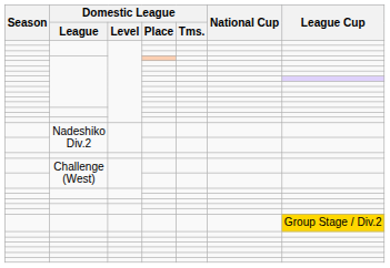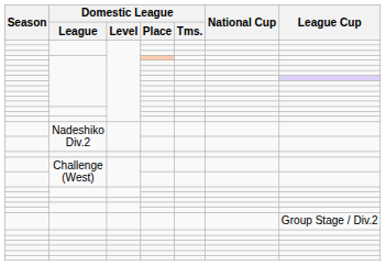 <table class="wikitable">
 <tr style="background:#f0f6fa;">
 <th rowspan="2"><strong>Season</strong></th>
 <th colspan="4"><strong>Domestic League</strong></th>
 <th rowspan="2"><strong>National Cup</strong></th>
 <th rowspan="2"><strong>League Cup</strong></th>
 </tr>
 <tr>
 <th>League</th>
 <th>Level</th>
 <th>Place</th>
 <th>Tms.</th>
 </tr>
 <tr>
 <td></td>
 <td rowspan="3"></td>
 <td rowspan="16"></td>
 <td></td>
 <td></td>
 <td></td>
 <td></td>
 </tr>
 <tr>
 <td></td>
 <td></td>
 <td></td>
 <td></td>
 <td></td>
 </tr>
 <tr>
 <td></td>
 <td></td>
 <td></td>
 <td></td>
 <td></td>
 </tr>
 <tr>
 <td></td>
 <td rowspan="10"></td>
 <td style="background-color:#FBCEB1"></td>
 <td></td>
 <td></td>
 <td></td>
 </tr>
 <tr>
 <td></td>
 <td></td>
 <td></td>
 <td></td>
 <td></td>
 </tr>
 <tr>
 <td></td>
 <td></td>
 <td></td>
 <td></td>
 <td></td>
 </tr>
 <tr>
 <td></td>
 <td></td>
 <td></td>
 <td></td>
 <td></td>
 </tr>
 <tr>
 <td></td>
 <td></td>
 <td></td>
 <td></td>
 <td style="background-color:#DED1FB"></td>
 </tr>
 <tr>
 <td></td>
 <td></td>
 <td></td>
 <td></td>
 <td></td>
 </tr>
 <tr>
 <td></td>
 <td></td>
 <td></td>
 <td></td>
 <td></td>
 </tr>
 <tr>
 <td></td>
 <td></td>
 <td></td>
 <td></td>
 <td></td>
 </tr>
 <tr>
 <td></td>
 <td></td>
 <td></td>
 <td></td>
 <td></td>
 </tr>
 <tr>
 <td></td>
 <td></td>
 <td></td>
 <td></td>
 <td></td>
 </tr>
 <tr>
 <td></td>
 <td rowspan="2"></td>
 <td></td>
 <td></td>
 <td></td>
 <td></td>
 </tr>
 <tr>
 <td></td>
 <td></td>
 <td></td>
 <td></td>
 <td></td>
 </tr>
 <tr>
 <td></td>
 <td></td>
 <td></td>
 <td></td>
 <td></td>
 <td></td>
 </tr>
 <tr>
 <td></td>
 <td rowspan="2" style="text-align:center;">Nadeshiko<br>Div.2</td>
 <td rowspan="2"></td>
 <td></td>
 <td></td>
 <td></td>
 <td></td>
 </tr>
 <tr>
 <td></td>
 <td></td>
 <td></td>
 <td></td>
 <td></td>
 </tr>
 <tr>
 <td></td>
 <td></td>
 <td></td>
 <td></td>
 <td></td>
 <td></td>
 <td></td>
 </tr>
 <tr>
 <td></td>
 <td rowspan="2" style="text-align:center;">Challenge<br>(West)</td>
 <td rowspan="2"></td>
 <td></td>
 <td></td>
 <td></td>
 <td></td>
 </tr>
 <tr>
 <td></td>
 <td></td>
 <td></td>
 <td></td>
 <td></td>
 </tr>
 <tr>
 <td></td>
 <td rowspan="2"></td>
 <td rowspan="2"></td>
 <td></td>
 <td></td>
 <td></td>
 <td></td>
 </tr>
 <tr>
 <td></td>
 <td></td>
 <td></td>
 <td></td>
 <td></td>
 </tr>
 <tr>
 <td></td>
 <td></td>
 <td></td>
 <td></td>
 <td></td>
 <td></td>
 <td></td>
 </tr>
 <tr>
 <td></td>
 <td rowspan="2"></td>
 <td rowspan="2"></td>
 <td></td>
 <td></td>
 <td></td>
 <td></td>
 </tr>
 <tr>
 <td></td>
 <td></td>
 <td></td>
 <td></td>
 <td></td>
 </tr>
 <tr>
 <td></td>
 <td></td>
 <td></td>
 <td></td>
 <td></td>
 <td></td>
-<td style="background: gold; text-align:center;">Group Stage / Div.2</td>
+<td style="text-align:center;">Group Stage / Div.2</td>
 </tr>
 <tr>
 <td></td>
 <td></td>
 <td></td>
 <td></td>
 <td></td>
 <td></td>
 <td></td>
 </tr>
 <tr>
 <td></td>
 <td></td>
 <td></td>
 <td></td>
 <td></td>
 <td></td>
 <td></td>
 </tr>
 <tr>
 <td></td>
 <td></td>
 <td></td>
 <td></td>
 <td></td>
 <td></td>
 <td></td>
 </tr>
 <tr>
 <td></td>
 <td></td>
 <td></td>
 <td></td>
 <td></td>
 <td></td>
 <td></td>
 </tr>
 <tr>
 <td></td>
 <td></td>
 <td></td>
 <td></td>
 <td></td>
 <td></td>
 <td></td>
 </tr>
 <tr>
 <td></td>
 <td></td>
 <td></td>
 <td></td>
 <td></td>
 <td></td>
 <td></td>
 </tr>
 </table>
